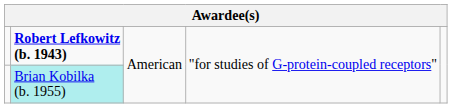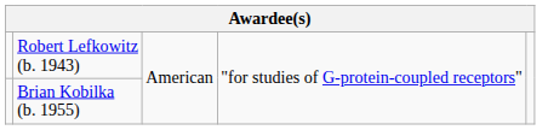 <table class="wikitable">
 <tr>
 <th colspan="5">Awardee(s)</th>
 </tr>
 <tr>
 <td></td>
-<td><strong><a href='#'>Robert Lefkowitz</a><br>(b. 1943)</strong></td>
+<td><a href='#'>Robert Lefkowitz</a><br>(b. 1943)</td>
 <td rowspan="2"> American</td>
 <td rowspan="2">"for studies of <a href='#'>G-protein-coupled receptors</a>"</td>
 <td rowspan="2"></td>
 </tr>
 <tr>
 <td></td>
-<td style="background: paleturquoise;"><a href='#'>Brian Kobilka</a><br>(b. 1955)</td>
+<td><a href='#'>Brian Kobilka</a><br>(b. 1955)</td>
 </tr>
 </table>
